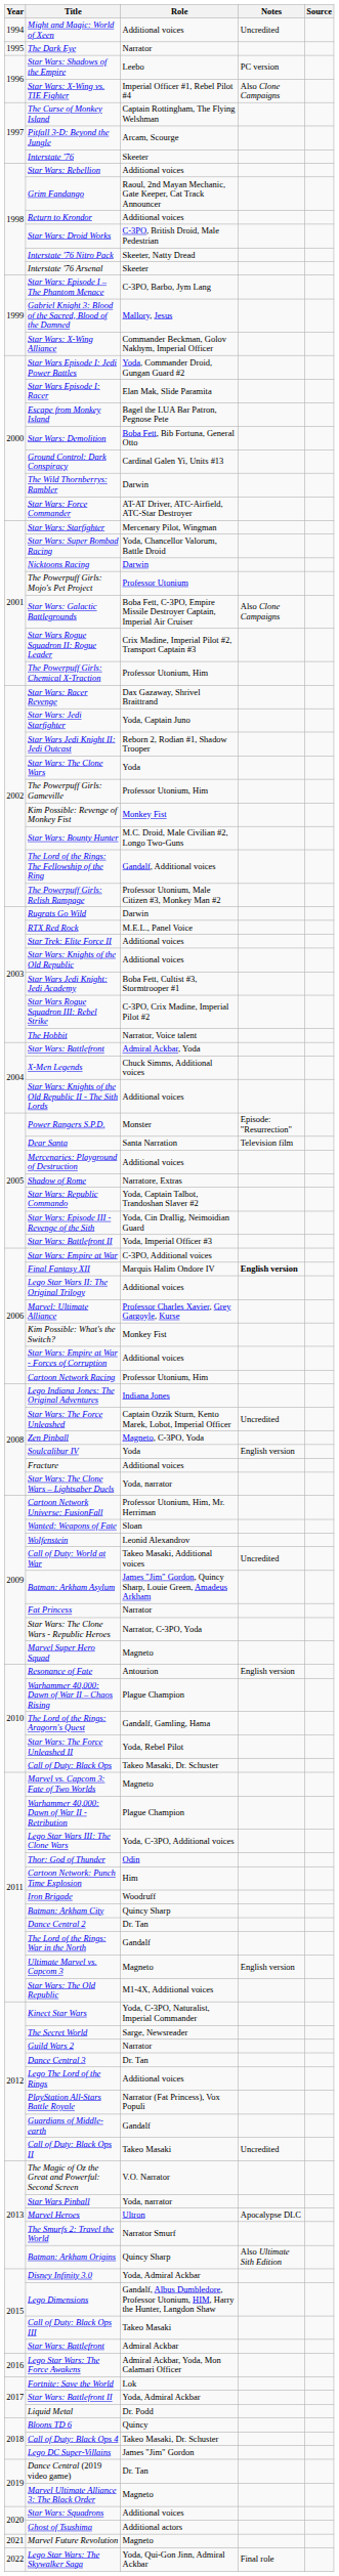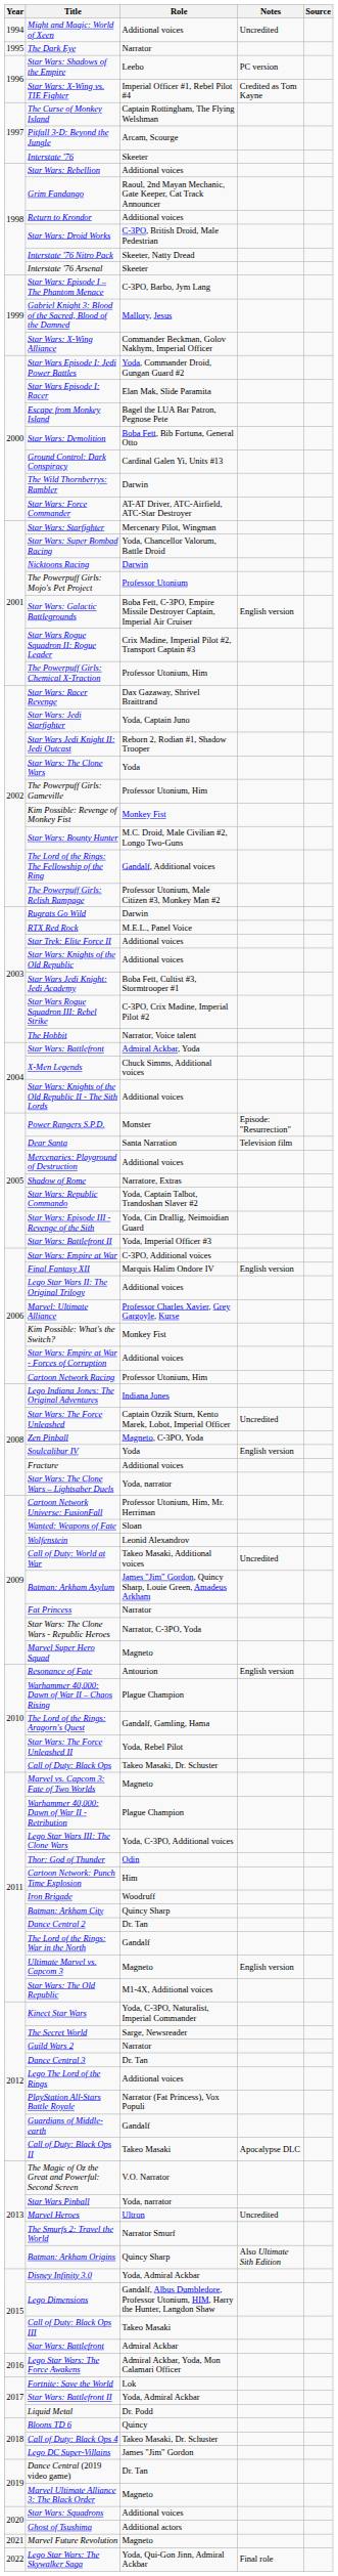 <table class="wikitable sortable">
 <tr>
 <th>Year</th>
 <th>Title</th>
 <th>Role</th>
 <th>Notes</th>
 <th>Source</th>
 </tr>
 <tr>
 <td>1994</td>
 <td><em><a href='#'>Might and Magic: World of Xeen</a></em></td>
 <td>Additional voices</td>
 <td>Uncredited</td>
 <td></td>
 </tr>
 <tr>
 <td>1995</td>
 <td><em><a href='#'>The Dark Eye</a></em></td>
 <td>Narrator</td>
 <td></td>
 <td></td>
 </tr>
 <tr>
 <td rowspan="2">1996</td>
 <td><em><a href='#'>Star Wars: Shadows of the Empire</a></em></td>
 <td>Leebo</td>
 <td>PC version</td>
 <td></td>
 </tr>
 <tr>
 <td><em><a href='#'>Star Wars: X-Wing vs. TIE Fighter</a></em></td>
 <td>Imperial Officer #1, Rebel Pilot #4</td>
-<td>Also <em>Clone Campaigns</em></td>
+<td>Credited as Tom Kayne</td>
 <td></td>
 </tr>
 <tr>
 <td rowspan="3">1997</td>
 <td><em><a href='#'>The Curse of Monkey Island</a></em></td>
 <td>Captain Rottingham, The Flying Welshman</td>
 <td></td>
 <td></td>
 </tr>
 <tr>
 <td><em><a href='#'>Pitfall 3-D: Beyond the Jungle</a></em></td>
 <td>Arcam, Scourge</td>
 <td></td>
 <td></td>
 </tr>
 <tr>
 <td><em><a href='#'>Interstate '76</a></em></td>
 <td>Skeeter</td>
 <td></td>
 <td></td>
 </tr>
 <tr>
 <td rowspan="6">1998</td>
 <td><em><a href='#'>Star Wars: Rebellion</a></em></td>
 <td>Additional voices</td>
 <td></td>
 <td></td>
 </tr>
 <tr>
 <td><em><a href='#'>Grim Fandango</a></em></td>
 <td>Raoul, 2nd Mayan Mechanic, Gate Keeper, Cat Track Announcer</td>
 <td></td>
 <td></td>
 </tr>
 <tr>
 <td><em><a href='#'>Return to Krondor</a></em></td>
 <td>Additional voices</td>
 <td></td>
 <td></td>
 </tr>
 <tr>
 <td><em><a href='#'>Star Wars: Droid Works</a></em></td>
 <td><a href='#'>C-3PO</a>, British Droid, Male Pedestrian</td>
 <td></td>
 <td></td>
 </tr>
 <tr>
 <td><em><a href='#'>Interstate '76 Nitro Pack</a></em></td>
 <td>Skeeter, Natty Dread</td>
 <td></td>
 <td></td>
 </tr>
 <tr>
 <td><em>Interstate '76 Arsenal</em></td>
 <td>Skeeter</td>
 <td></td>
 <td></td>
 </tr>
 <tr>
 <td rowspan="3">1999</td>
 <td><em><a href='#'>Star Wars: Episode I – The Phantom Menace</a></em></td>
 <td>C-3PO, Barbo, Jym Lang</td>
 <td></td>
 <td></td>
 </tr>
 <tr>
 <td><em><a href='#'>Gabriel Knight 3: Blood of the Sacred, Blood of the Damned</a></em></td>
 <td><a href='#'>Mallory</a>, <a href='#'>Jesus</a></td>
 <td></td>
 <td></td>
 </tr>
 <tr>
 <td><em><a href='#'>Star Wars: X-Wing Alliance</a></em></td>
 <td>Commander Beckman, Golov Nakhym, Imperial Officer</td>
 <td></td>
 <td></td>
 </tr>
 <tr>
 <td rowspan="7">2000</td>
 <td><em><a href='#'>Star Wars Episode I: Jedi Power Battles</a></em></td>
 <td><a href='#'>Yoda</a>, Commander Droid, Gungan Guard #2</td>
 <td></td>
 <td></td>
 </tr>
 <tr>
 <td><em><a href='#'>Star Wars Episode I: Racer</a></em></td>
 <td>Elan Mak, Slide Paramita</td>
 <td></td>
 <td></td>
 </tr>
 <tr>
 <td><em><a href='#'>Escape from Monkey Island</a></em></td>
 <td>Bagel the LUA Bar Patron, Pegnose Pete</td>
 <td></td>
 <td></td>
 </tr>
 <tr>
 <td><em><a href='#'>Star Wars: Demolition</a></em></td>
 <td><a href='#'>Boba Fett</a>, Bib Fortuna, General Otto</td>
 <td></td>
 <td></td>
 </tr>
 <tr>
 <td><em><a href='#'>Ground Control: Dark Conspiracy</a></em></td>
 <td>Cardinal Galen Yi, Units #13</td>
 <td></td>
 <td></td>
 </tr>
 <tr>
 <td><em><a href='#'>The Wild Thornberrys: Rambler</a></em></td>
 <td>Darwin</td>
 <td></td>
 <td></td>
 </tr>
 <tr>
 <td><em><a href='#'>Star Wars: Force Commander</a></em></td>
 <td>AT-AT Driver, ATC-Airfield, ATC-Star Destroyer</td>
 <td></td>
 <td></td>
 </tr>
 <tr>
 <td rowspan="7">2001</td>
 <td><em><a href='#'>Star Wars: Starfighter</a></em></td>
 <td>Mercenary Pilot, Wingman</td>
 <td></td>
 <td></td>
 </tr>
 <tr>
 <td><em><a href='#'>Star Wars: Super Bombad Racing</a></em></td>
 <td>Yoda, Chancellor Valorum, Battle Droid</td>
 <td></td>
 <td></td>
 </tr>
 <tr>
 <td><em><a href='#'>Nicktoons Racing</a></em></td>
 <td><a href='#'>Darwin</a></td>
 <td></td>
 <td></td>
 </tr>
 <tr>
 <td><em>The Powerpuff Girls: Mojo's Pet Project</em></td>
 <td><a href='#'>Professor Utonium</a></td>
 <td></td>
 <td></td>
 </tr>
 <tr>
 <td><em><a href='#'>Star Wars: Galactic Battlegrounds</a></em></td>
 <td>Boba Fett, C-3PO, Empire Missile Destroyer Captain, Imperial Air Cruiser</td>
-<td>Also <em>Clone Campaigns</em></td>
+<td>English version</td>
 <td></td>
 </tr>
 <tr>
 <td><em><a href='#'>Star Wars Rogue Squadron II: Rogue Leader</a></em></td>
 <td>Crix Madine, Imperial Pilot #2, Transport Captain #3</td>
 <td></td>
 <td></td>
 </tr>
 <tr>
 <td><em><a href='#'>The Powerpuff Girls: Chemical X-Traction</a></em></td>
 <td>Professor Utonium, Him</td>
 <td></td>
 <td></td>
 </tr>
 <tr>
 <td rowspan="9">2002</td>
 <td><em><a href='#'>Star Wars: Racer Revenge</a></em></td>
 <td>Dax Gazaway, Shrivel Braittrand</td>
 <td></td>
 <td></td>
 </tr>
 <tr>
 <td><em><a href='#'>Star Wars: Jedi Starfighter</a></em></td>
 <td>Yoda, Captain Juno</td>
 <td></td>
 <td></td>
 </tr>
 <tr>
 <td><em><a href='#'>Star Wars Jedi Knight II: Jedi Outcast</a></em></td>
 <td>Reborn 2, Rodian #1, Shadow Trooper</td>
 <td></td>
 <td></td>
 </tr>
 <tr>
 <td><em><a href='#'>Star Wars: The Clone Wars</a></em></td>
 <td>Yoda</td>
 <td></td>
 <td></td>
 </tr>
 <tr>
 <td><em>The Powerpuff Girls: Gameville</em></td>
 <td>Professor Utonium, Him</td>
 <td></td>
 <td></td>
 </tr>
 <tr>
 <td><em>Kim Possible: Revenge of Monkey Fist</em></td>
 <td><a href='#'>Monkey Fist</a></td>
 <td></td>
 <td></td>
 </tr>
 <tr>
 <td><em><a href='#'>Star Wars: Bounty Hunter</a></em></td>
 <td>M.C. Droid, Male Civilian #2, Longo Two-Guns</td>
 <td></td>
 <td></td>
 </tr>
 <tr>
 <td><em><a href='#'>The Lord of the Rings: The Fellowship of the Ring</a></em></td>
 <td><a href='#'>Gandalf</a>, Additional voices</td>
 <td></td>
 <td></td>
 </tr>
 <tr>
 <td><em><a href='#'>The Powerpuff Girls: Relish Rampage</a></em></td>
 <td>Professor Utonium, Male Citizen #3, Monkey Man #2</td>
 <td></td>
 <td></td>
 </tr>
 <tr>
 <td rowspan="7">2003</td>
 <td><em><a href='#'>Rugrats Go Wild</a></em></td>
 <td>Darwin</td>
 <td></td>
 <td></td>
 </tr>
 <tr>
 <td><em><a href='#'>RTX Red Rock</a></em></td>
 <td>M.E.L., Panel Voice</td>
 <td></td>
 <td></td>
 </tr>
 <tr>
 <td><em><a href='#'>Star Trek: Elite Force II</a></em></td>
 <td>Additional voices</td>
 <td></td>
 <td></td>
 </tr>
 <tr>
 <td><em><a href='#'>Star Wars: Knights of the Old Republic</a></em></td>
 <td>Additional voices</td>
 <td></td>
 <td></td>
 </tr>
 <tr>
 <td><em><a href='#'>Star Wars Jedi Knight: Jedi Academy</a></em></td>
 <td>Boba Fett, Cultist #3, Stormtrooper #1</td>
 <td></td>
 <td></td>
 </tr>
 <tr>
 <td><em><a href='#'>Star Wars Rogue Squadron III: Rebel Strike</a></em></td>
 <td>C-3PO, Crix Madine, Imperial Pilot #2</td>
 <td></td>
 <td></td>
 </tr>
 <tr>
 <td><em><a href='#'>The Hobbit</a></em></td>
 <td>Narrator, Voice talent</td>
 <td></td>
 <td></td>
 </tr>
 <tr>
 <td rowspan="3">2004</td>
 <td><em><a href='#'>Star Wars: Battlefront</a></em></td>
 <td><a href='#'>Admiral Ackbar</a>, Yoda</td>
 <td></td>
 <td></td>
 </tr>
 <tr>
 <td><em><a href='#'>X-Men Legends</a></em></td>
 <td>Chuck Simms, Additional voices</td>
 <td></td>
 <td></td>
 </tr>
 <tr>
 <td><em><a href='#'>Star Wars: Knights of the Old Republic II - The Sith Lords</a></em></td>
 <td>Additional voices</td>
 <td></td>
 <td></td>
 </tr>
 <tr>
 <td rowspan="7">2005</td>
 <td><em><a href='#'>Power Rangers S.P.D.</a></em></td>
 <td>Monster</td>
 <td>Episode: "Resurrection"</td>
 <td></td>
 </tr>
 <tr>
 <td><em><a href='#'>Dear Santa</a></em></td>
 <td>Santa Narration</td>
 <td>Television film</td>
 <td></td>
 </tr>
 <tr>
 <td><em><a href='#'>Mercenaries: Playground of Destruction</a></em></td>
 <td>Additional voices</td>
 <td></td>
 <td></td>
 </tr>
 <tr>
 <td><em><a href='#'>Shadow of Rome</a></em></td>
 <td>Narratore, Extras</td>
 <td></td>
 <td></td>
 </tr>
 <tr>
 <td><em><a href='#'>Star Wars: Republic Commando</a></em></td>
 <td>Yoda, Captain Talbot, Trandoshan Slaver #2</td>
 <td></td>
 <td></td>
 </tr>
 <tr>
 <td><em><a href='#'>Star Wars: Episode III - Revenge of the Sith</a></em></td>
 <td>Yoda, Cin Drallig, Neimoidian Guard</td>
 <td></td>
 <td></td>
 </tr>
 <tr>
 <td><em><a href='#'>Star Wars: Battlefront II</a></em></td>
 <td>Yoda, Imperial Officer #3</td>
 <td></td>
 <td></td>
 </tr>
 <tr>
 <td rowspan="7">2006</td>
 <td><em><a href='#'>Star Wars: Empire at War</a></em></td>
 <td>C-3PO, Additional voices</td>
 <td></td>
 <td></td>
 </tr>
 <tr>
 <td><em><a href='#'>Final Fantasy XII</a></em></td>
 <td>Marquis Halim Ondore IV</td>
-<td><strong>English version</strong></td>
+<td>English version</td>
 <td></td>
 </tr>
 <tr>
 <td><em><a href='#'>Lego Star Wars II: The Original Trilogy</a></em></td>
 <td>Additional voices</td>
 <td></td>
 <td></td>
 </tr>
 <tr>
 <td><em><a href='#'>Marvel: Ultimate Alliance</a></em></td>
 <td><a href='#'>Professor Charles Xavier</a>, <a href='#'>Grey Gargoyle</a>, <a href='#'>Kurse</a></td>
 <td></td>
 <td></td>
 </tr>
 <tr>
 <td><em>Kim Possible: What's the Switch?</em></td>
 <td>Monkey Fist</td>
 <td></td>
 <td></td>
 </tr>
 <tr>
 <td><em><a href='#'>Star Wars: Empire at War - Forces of Corruption</a></em></td>
 <td>Additional voices</td>
 <td></td>
 <td></td>
 </tr>
 <tr>
 <td><em><a href='#'>Cartoon Network Racing</a></em></td>
 <td>Professor Utonium, Him</td>
 <td></td>
 <td></td>
 </tr>
 <tr>
 <td rowspan="6">2008</td>
 <td><em><a href='#'>Lego Indiana Jones: The Original Adventures</a></em></td>
 <td><a href='#'>Indiana Jones</a></td>
 <td></td>
 <td></td>
 </tr>
 <tr>
 <td><em><a href='#'>Star Wars: The Force Unleashed</a></em></td>
 <td>Captain Ozzik Sturn, Kento Marek, Lobot, Imperial Officer</td>
 <td>Uncredited</td>
 <td></td>
 </tr>
 <tr>
 <td><em><a href='#'>Zen Pinball</a></em></td>
 <td><a href='#'>Magneto</a>, C-3PO, Yoda</td>
 <td></td>
 <td></td>
 </tr>
 <tr>
 <td><em><a href='#'>Soulcalibur IV</a></em></td>
 <td>Yoda</td>
 <td>English version</td>
 <td></td>
 </tr>
 <tr>
 <td><em>Fracture</em></td>
 <td>Additional voices</td>
 <td></td>
 <td></td>
 </tr>
 <tr>
 <td><em><a href='#'>Star Wars: The Clone Wars – Lightsaber Duels</a></em></td>
 <td>Yoda, narrator</td>
 <td></td>
 <td></td>
 </tr>
 <tr>
 <td rowspan="8">2009</td>
 <td><em><a href='#'>Cartoon Network Universe: FusionFall</a></em></td>
 <td>Professor Utonium, Him, Mr. Herriman</td>
 <td></td>
 <td></td>
 </tr>
 <tr>
 <td><em><a href='#'>Wanted: Weapons of Fate</a></em></td>
 <td>Sloan</td>
 <td></td>
 <td></td>
 </tr>
 <tr>
 <td><em><a href='#'>Wolfenstein</a></em></td>
 <td>Leonid Alexandrov</td>
 <td></td>
 <td></td>
 </tr>
 <tr>
 <td><em><a href='#'>Call of Duty: World at War</a></em></td>
 <td>Takeo Masaki, Additional voices</td>
 <td>Uncredited</td>
 <td></td>
 </tr>
 <tr>
 <td><em><a href='#'>Batman: Arkham Asylum</a></em></td>
 <td><a href='#'>James "Jim" Gordon</a>, Quincy Sharp, Louie Green, <a href='#'>Amadeus Arkham</a></td>
 <td></td>
 <td></td>
 </tr>
 <tr>
 <td><em><a href='#'>Fat Princess</a></em></td>
 <td>Narrator</td>
 <td></td>
 <td></td>
 </tr>
 <tr>
 <td><em>Star Wars: The Clone Wars - Republic Heroes</em></td>
 <td>Narrator, C-3PO, Yoda</td>
 <td></td>
 <td></td>
 </tr>
 <tr>
 <td><em><a href='#'>Marvel Super Hero Squad</a></em></td>
 <td>Magneto</td>
 <td></td>
 <td></td>
 </tr>
 <tr>
 <td rowspan="5">2010</td>
 <td><em><a href='#'>Resonance of Fate</a></em></td>
 <td>Antourion</td>
 <td>English version</td>
 <td></td>
 </tr>
 <tr>
 <td><em><a href='#'>Warhammer 40,000: Dawn of War II – Chaos Rising</a></em></td>
 <td>Plague Champion</td>
 <td></td>
 <td></td>
 </tr>
 <tr>
 <td><em><a href='#'>The Lord of the Rings: Aragorn's Quest</a></em></td>
 <td>Gandalf, Gamling, Hama</td>
 <td></td>
 <td></td>
 </tr>
 <tr>
 <td><em><a href='#'>Star Wars: The Force Unleashed II</a></em></td>
 <td>Yoda, Rebel Pilot</td>
 <td></td>
 <td></td>
 </tr>
 <tr>
 <td><em><a href='#'>Call of Duty: Black Ops</a></em></td>
 <td>Takeo Masaki, Dr. Schuster</td>
 <td></td>
 <td></td>
 </tr>
 <tr>
 <td rowspan="11">2011</td>
 <td><em><a href='#'>Marvel vs. Capcom 3: Fate of Two Worlds</a></em></td>
 <td>Magneto</td>
 <td></td>
 <td></td>
 </tr>
 <tr>
 <td><em><a href='#'>Warhammer 40,000: Dawn of War II - Retribution</a></em></td>
 <td>Plague Champion</td>
 <td></td>
 <td></td>
 </tr>
 <tr>
 <td><em><a href='#'>Lego Star Wars III: The Clone Wars</a></em></td>
 <td>Yoda, C-3PO, Additional voices</td>
 <td></td>
 <td></td>
 </tr>
 <tr>
 <td><em><a href='#'>Thor: God of Thunder</a></em></td>
 <td><a href='#'>Odin</a></td>
 <td></td>
 <td></td>
 </tr>
 <tr>
 <td><em><a href='#'>Cartoon Network: Punch Time Explosion</a></em></td>
 <td>Him</td>
 <td></td>
 <td></td>
 </tr>
 <tr>
 <td><em><a href='#'>Iron Brigade</a></em></td>
 <td>Woodruff</td>
 <td></td>
 <td></td>
 </tr>
 <tr>
 <td><em><a href='#'>Batman: Arkham City</a></em></td>
 <td>Quincy Sharp</td>
 <td></td>
 <td></td>
 </tr>
 <tr>
 <td><em><a href='#'>Dance Central 2</a></em></td>
 <td>Dr. Tan</td>
 <td></td>
 <td></td>
 </tr>
 <tr>
 <td><em><a href='#'>The Lord of the Rings: War in the North</a></em></td>
 <td>Gandalf</td>
 <td></td>
 <td></td>
 </tr>
 <tr>
 <td><em><a href='#'>Ultimate Marvel vs. Capcom 3</a></em></td>
 <td>Magneto</td>
 <td>English version</td>
 <td></td>
 </tr>
 <tr>
 <td><em><a href='#'>Star Wars: The Old Republic</a></em></td>
 <td>M1-4X, Additional voices</td>
 <td></td>
 <td></td>
 </tr>
 <tr>
 <td rowspan="8">2012</td>
 <td><em><a href='#'>Kinect Star Wars</a></em></td>
 <td>Yoda, C-3PO, Naturalist, Imperial Commander</td>
 <td></td>
 <td></td>
 </tr>
 <tr>
 <td><em><a href='#'>The Secret World</a></em></td>
 <td>Sarge, Newsreader</td>
 <td></td>
 <td></td>
 </tr>
 <tr>
 <td><em><a href='#'>Guild Wars 2</a></em></td>
 <td>Narrator</td>
 <td></td>
 <td></td>
 </tr>
 <tr>
 <td><em><a href='#'>Dance Central 3</a></em></td>
 <td>Dr. Tan</td>
 <td></td>
 <td></td>
 </tr>
 <tr>
 <td><em><a href='#'>Lego The Lord of the Rings</a></em></td>
 <td>Additional voices</td>
 <td></td>
 <td></td>
 </tr>
 <tr>
 <td><em><a href='#'>PlayStation All-Stars Battle Royale</a></em></td>
 <td>Narrator (Fat Princess), Vox Populi</td>
 <td></td>
 <td></td>
 </tr>
 <tr>
 <td><em><a href='#'>Guardians of Middle-earth</a></em></td>
 <td>Gandalf</td>
 <td></td>
 <td></td>
 </tr>
 <tr>
 <td><em><a href='#'>Call of Duty: Black Ops II</a></em></td>
 <td>Takeo Masaki</td>
-<td>Uncredited</td>
+<td>Apocalypse DLC</td>
 <td></td>
 </tr>
 <tr>
 <td rowspan="5">2013</td>
 <td><em>The Magic of Oz the Great and Powerful: Second Screen</em></td>
 <td>V.O. Narrator</td>
 <td></td>
 <td></td>
 </tr>
 <tr>
 <td><em><a href='#'>Star Wars Pinball</a></em></td>
 <td>Yoda, narrator</td>
 <td></td>
 <td></td>
 </tr>
 <tr>
 <td><em><a href='#'>Marvel Heroes</a></em></td>
 <td><a href='#'>Ultron</a></td>
-<td>Apocalypse DLC</td>
+<td>Uncredited</td>
 <td></td>
 </tr>
 <tr>
 <td><em><a href='#'>The Smurfs 2: Travel the World</a></em></td>
 <td>Narrator Smurf</td>
 <td></td>
 <td></td>
 </tr>
 <tr>
 <td><em><a href='#'>Batman: Arkham Origins</a></em></td>
 <td>Quincy Sharp</td>
 <td>Also <em>Ultimate Sith Edition</em></td>
 <td></td>
 </tr>
 <tr>
 <td rowspan="4">2015</td>
 <td><em><a href='#'>Disney Infinity 3.0</a></em></td>
 <td>Yoda, Admiral Ackbar</td>
 <td></td>
 <td></td>
 </tr>
 <tr>
 <td><em><a href='#'>Lego Dimensions</a></em></td>
 <td>Gandalf, <a href='#'>Albus Dumbledore</a>, Professor Utonium, <a href='#'>HIM</a>, Harry the Hunter, Langdon Shaw</td>
 <td></td>
 <td></td>
 </tr>
 <tr>
 <td><em><a href='#'>Call of Duty: Black Ops III</a></em></td>
 <td>Takeo Masaki</td>
 <td></td>
 <td></td>
 </tr>
 <tr>
 <td><em><a href='#'>Star Wars: Battlefront</a></em></td>
 <td>Admiral Ackbar</td>
 <td></td>
 <td></td>
 </tr>
 <tr>
 <td>2016</td>
 <td><em><a href='#'>Lego Star Wars: The Force Awakens</a></em></td>
 <td>Admiral Ackbar, Yoda, Mon Calamari Officer</td>
 <td></td>
 <td></td>
 </tr>
 <tr>
 <td rowspan="3">2017</td>
 <td><em><a href='#'>Fortnite: Save the World</a></em></td>
 <td>Lok</td>
 <td></td>
 <td></td>
 </tr>
 <tr>
 <td><em><a href='#'>Star Wars: Battlefront II</a></em></td>
 <td>Yoda, Admiral Ackbar</td>
 <td></td>
 <td></td>
 </tr>
 <tr>
 <td><em>Liquid Metal</em></td>
 <td>Dr. Podd</td>
 <td></td>
 <td></td>
 </tr>
 <tr>
 <td rowspan="3">2018</td>
 <td><em><a href='#'>Bloons TD 6</a></em></td>
 <td>Quincy</td>
 <td></td>
 <td></td>
 </tr>
 <tr>
 <td><em><a href='#'>Call of Duty: Black Ops 4</a></em></td>
 <td>Takeo Masaki, Dr. Schuster</td>
 <td></td>
 <td></td>
 </tr>
 <tr>
 <td><em><a href='#'>Lego DC Super-Villains</a></em></td>
 <td>James "Jim" Gordon</td>
 <td></td>
 <td></td>
 </tr>
 <tr>
 <td rowspan="2">2019</td>
 <td><em>Dance Central</em> (2019 video game)</td>
 <td>Dr. Tan</td>
 <td></td>
 <td></td>
 </tr>
 <tr>
 <td><em><a href='#'>Marvel Ultimate Alliance 3: The Black Order</a></em></td>
 <td>Magneto</td>
 <td></td>
 <td></td>
 </tr>
 <tr>
 <td rowspan="2">2020</td>
 <td><em><a href='#'>Star Wars: Squadrons</a></em></td>
 <td>Additional voices</td>
 <td></td>
 <td></td>
 </tr>
 <tr>
 <td><em><a href='#'>Ghost of Tsushima</a></em></td>
 <td>Additional actors</td>
 <td></td>
 <td></td>
 </tr>
 <tr>
 <td>2021</td>
 <td><em>Marvel Future Revolution</em></td>
 <td>Magneto</td>
 <td></td>
 <td></td>
 </tr>
 <tr>
 <td>2022</td>
 <td><em><a href='#'>Lego Star Wars: The Skywalker Saga</a></em></td>
 <td>Yoda, Qui-Gon Jinn, Admiral Ackbar</td>
 <td>Final role</td>
 <td></td>
 </tr>
 </table>
